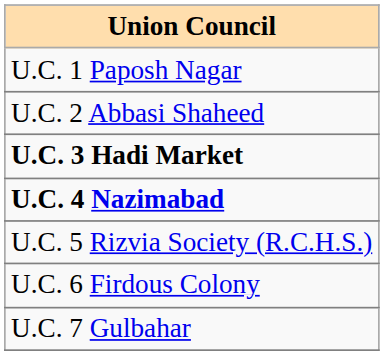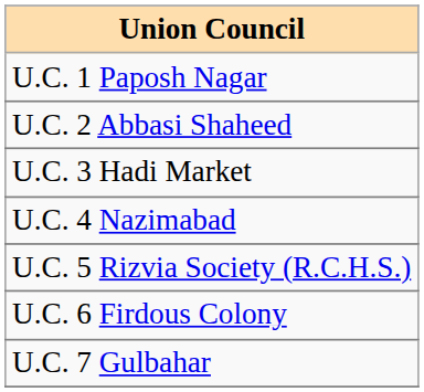 <table class="sortable wikitable" align="left">
 <tr>
 <th style="background:#ffdead;"><strong>Union Council</strong></th>
 </tr>
 <tr>
 <td style="border-bottom:1px solid grey;">U.C. 1 <a href='#'>Paposh Nagar</a></td>
 </tr>
 <tr>
 <td style="border-bottom:1px solid grey;">U.C. 2 <a href='#'>Abbasi Shaheed</a></td>
 </tr>
 <tr>
-<td style="border-bottom:1px solid grey;"><strong>U.C. 3 Hadi Market</strong></td>
+<td style="border-bottom:1px solid grey;">U.C. 3 Hadi Market</td>
 </tr>
 <tr>
-<td style="border-bottom:1px solid grey;"><strong>U.C. 4 <a href='#'>Nazimabad</a></strong></td>
+<td style="border-bottom:1px solid grey;">U.C. 4 <a href='#'>Nazimabad</a></td>
 </tr>
 <tr>
 <td style="border-bottom:1px solid grey;">U.C. 5 <a href='#'>Rizvia Society (R.C.H.S.)</a></td>
 </tr>
 <tr>
 <td style="border-bottom:1px solid grey;">U.C. 6 <a href='#'>Firdous Colony</a></td>
 </tr>
 <tr>
 <td style="border-bottom:1px solid grey;">U.C. 7 <a href='#'>Gulbahar</a></td>
 </tr>
 </table>
